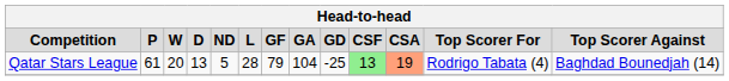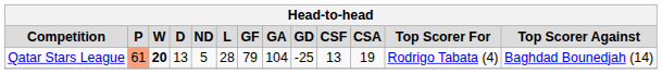 <table class="wikitable sortable" style="text-align:center">
 <tr>
 <th colspan=13>Head-to-head</th>
 </tr>
 <tr>
 <th style="background:#DCDCDC">Competition</th>
 <th style="background:#DCDCDC">P</th>
 <th style="background:#DCDCDC">W</th>
 <th style="background:#DCDCDC">D</th>
 <th style="background:#DCDCDC">ND</th>
 <th style="background:#DCDCDC">L</th>
 <th style="background:#DCDCDC">GF</th>
 <th style="background:#DCDCDC">GA</th>
 <th style="background:#DCDCDC">GD</th>
 <th style="background:#DCDCDC">CSF</th>
 <th style="background:#DCDCDC">CSA</th>
 <th style="background:#DCDCDC">Top Scorer For</th>
 <th style="background:#DCDCDC">Top Scorer Against</th>
 </tr>
 <tr>
 <td align=left><a href='#'>Qatar Stars League</a></td>
-<td>61</td>
-<td>20</td>
+<td style="background: lightsalmon;">61</td>
+<td><strong>20</strong></td>
 <td>13</td>
 <td>5</td>
 <td>28</td>
 <td>79</td>
 <td>104</td>
 <td>-25</td>
-<td style="background: lightgreen;">13</td>
-<td style="background: lightsalmon;">19</td>
+<td>13</td>
+<td>19</td>
 <td><a href='#'>Rodrigo Tabata</a> (4)</td>
 <td><a href='#'>Baghdad Bounedjah</a> (14)</td>
 </tr>
 <tr>
 </tr>
 </table>
